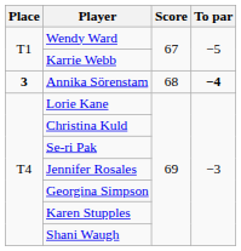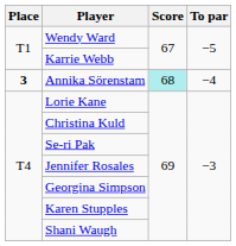 <table class="wikitable">
 <tr>
 <th>Place</th>
 <th>Player</th>
 <th>Score</th>
 <th>To par</th>
 </tr>
 <tr>
 <td align=center rowspan=2>T1</td>
 <td> <a href='#'>Wendy Ward</a></td>
 <td align=center rowspan=2>67</td>
 <td align=center rowspan=2>−5</td>
 </tr>
 <tr>
 <td> <a href='#'>Karrie Webb</a></td>
 </tr>
 <tr>
 <td align=center><strong>3</strong></td>
 <td> <a href='#'>Annika Sörenstam</a></td>
-<td align=center>68</td>
-<td align=center><strong>−4</strong></td>
+<td align=center style="background: paleturquoise;">68</td>
+<td align=center>−4</td>
 </tr>
 <tr>
 <td align=center rowspan=7>T4</td>
 <td> <a href='#'>Lorie Kane</a></td>
 <td align=center rowspan=7>69</td>
 <td align=center rowspan=7>−3</td>
 </tr>
 <tr>
 <td> <a href='#'>Christina Kuld</a></td>
 </tr>
 <tr>
 <td> <a href='#'>Se-ri Pak</a></td>
 </tr>
 <tr>
 <td> <a href='#'>Jennifer Rosales</a></td>
 </tr>
 <tr>
 <td> <a href='#'>Georgina Simpson</a></td>
 </tr>
 <tr>
 <td> <a href='#'>Karen Stupples</a></td>
 </tr>
 <tr>
 <td> <a href='#'>Shani Waugh</a></td>
 </tr>
 </table>
